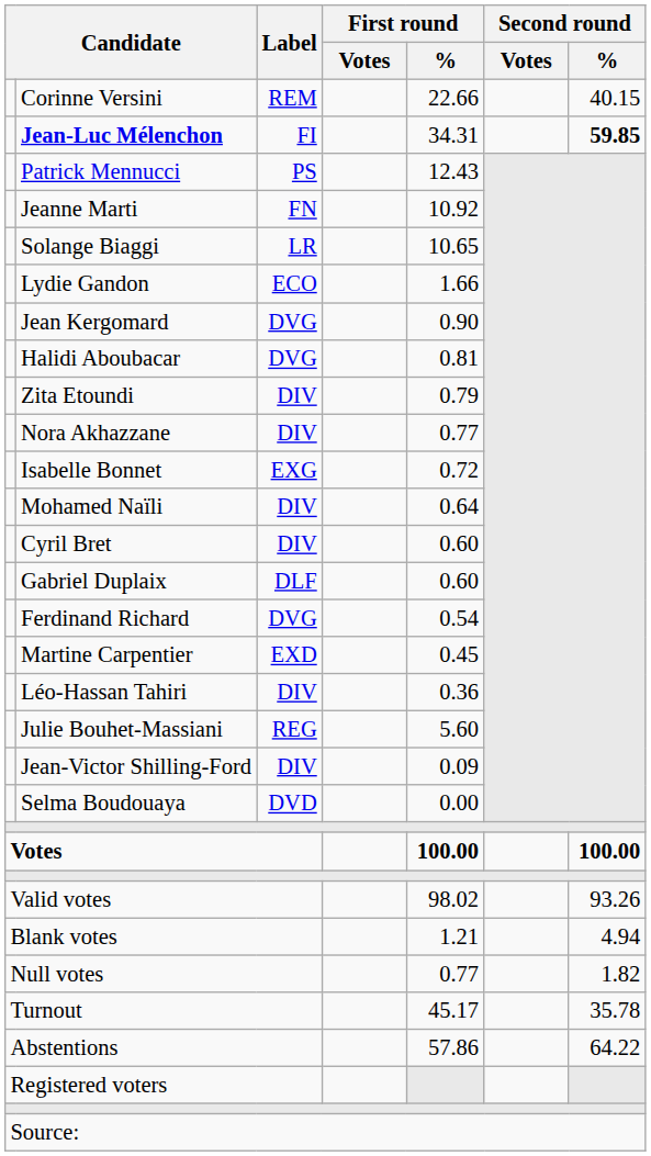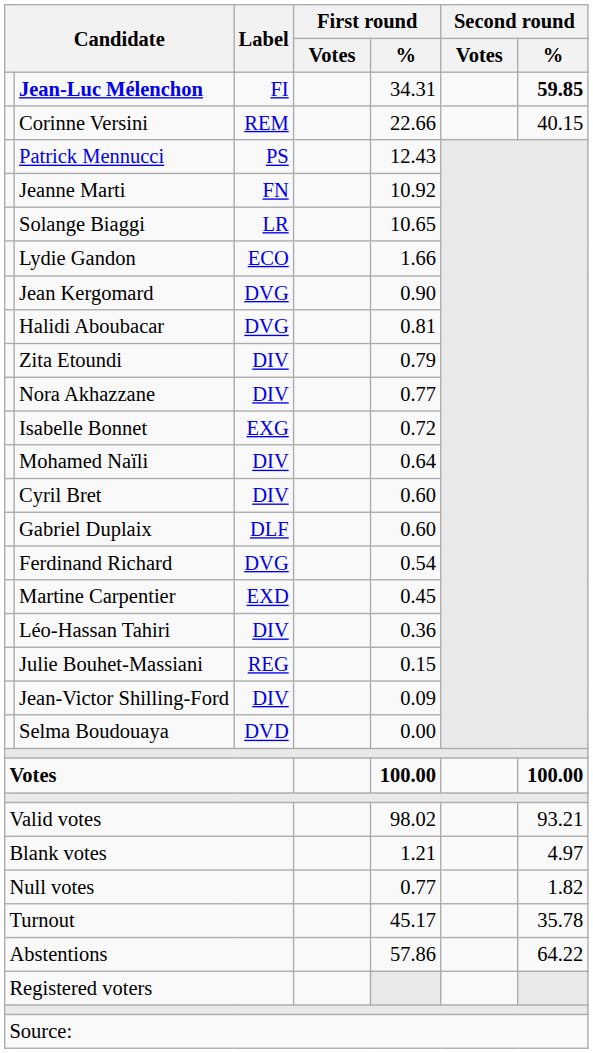 <table class="wikitable" style="text-align:right;font-size:95%;">
 <tr>
 <th rowspan="2" colspan="2">Candidate</th>
 <th rowspan="2">Label</th>
 <th colspan="2">First round</th>
 <th colspan="2">Second round</th>
 </tr>
 <tr>
 <th style="width:50px;">Votes</th>
 <th style="width:45px;">%</th>
 <th style="width:50px;">Votes</th>
 <th style="width:45px;">%</th>
 </tr>
 <tr>
 <td style="color:inherit;background:"></td>
+<td style="text-align:left;"><strong><a href='#'>Jean-Luc Mélenchon</a></strong></td>
+<td><a href='#'>FI</a></td>
+<td></td>
+<td>34.31</td>
+<td><strong></strong></td>
+<td><strong>59.85</strong></td>
+</tr>
+<tr>
+<td style="color:inherit;background:"></td>
 <td style="text-align:left;">Corinne Versini</td>
 <td><a href='#'>REM</a></td>
 <td></td>
 <td>22.66</td>
 <td></td>
 <td>40.15</td>
-</tr>
-<tr>
-<td style="color:inherit;background:"></td>
-<td style="text-align:left;"><strong><a href='#'>Jean-Luc Mélenchon</a></strong></td>
-<td><a href='#'>FI</a></td>
-<td></td>
-<td>34.31</td>
-<td><strong></strong></td>
-<td><strong>59.85</strong></td>
 </tr>
 <tr>
 <td style="color:inherit;background:"></td>
 <td style="text-align:left;"><a href='#'>Patrick Mennucci</a></td>
 <td><a href='#'>PS</a></td>
 <td></td>
 <td>12.43</td>
 <td colspan="2" rowspan="18" style="background:#E9E9E9;"></td>
 </tr>
 <tr>
 <td style="color:inherit;background:"></td>
 <td style="text-align:left;">Jeanne Marti</td>
 <td><a href='#'>FN</a></td>
 <td></td>
 <td>10.92</td>
 </tr>
 <tr>
 <td style="color:inherit;background:"></td>
 <td style="text-align:left;">Solange Biaggi</td>
 <td><a href='#'>LR</a></td>
 <td></td>
 <td>10.65</td>
 </tr>
 <tr>
 <td style="color:inherit;background:"></td>
 <td style="text-align:left;">Lydie Gandon</td>
 <td><a href='#'>ECO</a></td>
 <td></td>
 <td>1.66</td>
 </tr>
 <tr>
 <td style="color:inherit;background:"></td>
 <td style="text-align:left;">Jean Kergomard</td>
 <td><a href='#'>DVG</a></td>
 <td></td>
 <td>0.90</td>
 </tr>
 <tr>
 <td style="color:inherit;background:"></td>
 <td style="text-align:left;">Halidi Aboubacar</td>
 <td><a href='#'>DVG</a></td>
 <td></td>
 <td>0.81</td>
 </tr>
 <tr>
 <td style="color:inherit;background:"></td>
 <td style="text-align:left;">Zita Etoundi</td>
 <td><a href='#'>DIV</a></td>
 <td></td>
 <td>0.79</td>
 </tr>
 <tr>
 <td style="color:inherit;background:"></td>
 <td style="text-align:left;">Nora Akhazzane</td>
 <td><a href='#'>DIV</a></td>
 <td></td>
 <td>0.77</td>
 </tr>
 <tr>
 <td style="color:inherit;background:"></td>
 <td style="text-align:left;">Isabelle Bonnet</td>
 <td><a href='#'>EXG</a></td>
 <td></td>
 <td>0.72</td>
 </tr>
 <tr>
 <td style="color:inherit;background:"></td>
 <td style="text-align:left;">Mohamed Naïli</td>
 <td><a href='#'>DIV</a></td>
 <td></td>
 <td>0.64</td>
 </tr>
 <tr>
 <td style="color:inherit;background:"></td>
 <td style="text-align:left;">Cyril Bret</td>
 <td><a href='#'>DIV</a></td>
 <td></td>
 <td>0.60</td>
 </tr>
 <tr>
 <td style="color:inherit;background:"></td>
 <td style="text-align:left;">Gabriel Duplaix</td>
 <td><a href='#'>DLF</a></td>
 <td></td>
 <td>0.60</td>
 </tr>
 <tr>
 <td style="color:inherit;background:"></td>
 <td style="text-align:left;">Ferdinand Richard</td>
 <td><a href='#'>DVG</a></td>
 <td></td>
 <td>0.54</td>
 </tr>
 <tr>
 <td style="color:inherit;background:"></td>
 <td style="text-align:left;">Martine Carpentier</td>
 <td><a href='#'>EXD</a></td>
 <td></td>
 <td>0.45</td>
 </tr>
 <tr>
 <td style="color:inherit;background:"></td>
 <td style="text-align:left;">Léo-Hassan Tahiri</td>
 <td><a href='#'>DIV</a></td>
 <td></td>
 <td>0.36</td>
 </tr>
 <tr>
 <td style="color:inherit;background:"></td>
 <td style="text-align:left;">Julie Bouhet-Massiani</td>
 <td><a href='#'>REG</a></td>
 <td></td>
-<td>5.60</td>
+<td>0.15</td>
 </tr>
 <tr>
 <td style="color:inherit;background:"></td>
 <td style="text-align:left;">Jean-Victor Shilling-Ford</td>
 <td><a href='#'>DIV</a></td>
 <td></td>
 <td>0.09</td>
 </tr>
 <tr>
 <td style="color:inherit;background:"></td>
 <td style="text-align:left;">Selma Boudouaya</td>
 <td><a href='#'>DVD</a></td>
 <td></td>
 <td>0.00</td>
 </tr>
 <tr>
 <td colspan="7" style="background:#E9E9E9;"></td>
 </tr>
 <tr style="font-weight:bold;">
 <td colspan="3" style="text-align:left;">Votes</td>
 <td></td>
 <td>100.00</td>
 <td></td>
 <td>100.00</td>
 </tr>
 <tr>
 <td colspan="7" style="background:#E9E9E9;"></td>
 </tr>
 <tr>
 <td colspan="3" style="text-align:left;">Valid votes</td>
 <td></td>
 <td>98.02</td>
 <td></td>
-<td>93.26</td>
+<td>93.21</td>
 </tr>
 <tr>
 <td colspan="3" style="text-align:left;">Blank votes</td>
 <td></td>
 <td>1.21</td>
 <td></td>
-<td>4.94</td>
+<td>4.97</td>
 </tr>
 <tr>
 <td colspan="3" style="text-align:left;">Null votes</td>
 <td></td>
 <td>0.77</td>
 <td></td>
 <td>1.82</td>
 </tr>
 <tr>
 <td colspan="3" style="text-align:left;">Turnout</td>
 <td></td>
 <td>45.17</td>
 <td></td>
 <td>35.78</td>
 </tr>
 <tr>
 <td colspan="3" style="text-align:left;">Abstentions</td>
 <td></td>
 <td>57.86</td>
 <td></td>
 <td>64.22</td>
 </tr>
 <tr>
 <td colspan="3" style="text-align:left;">Registered voters</td>
 <td></td>
 <td style="background:#E9E9E9;"></td>
 <td></td>
 <td style="background:#E9E9E9;"></td>
 </tr>
 <tr>
 <td colspan="7" style="background:#E9E9E9;"></td>
 </tr>
 <tr>
 <td colspan="7" style="text-align:left;">Source: </td>
 </tr>
 </table>
